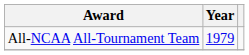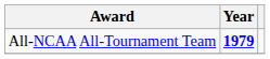 <table class="wikitable">
 <tr>
 <th>Award</th>
 <th>Year</th>
 <th></th>
 </tr>
 <tr>
 <td>All-<a href='#'>NCAA</a> <a href='#'>All-Tournament Team</a></td>
-<td><a href='#'>1979</a></td>
+<td><strong><a href='#'>1979</a></strong></td>
 <td></td>
 </tr>
 <tr>
 </tr>
 </table>
